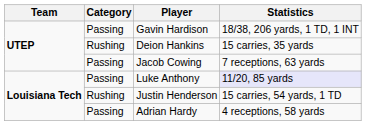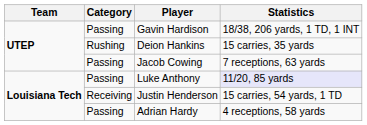 <table class="wikitable" style="float: left;">
 <tr>
 <th>Team</th>
 <th>Category</th>
 <th>Player</th>
 <th>Statistics</th>
 </tr>
 <tr>
 <td rowspan=3><strong>UTEP</strong></td>
 <td>Passing</td>
 <td>Gavin Hardison</td>
 <td>18/38, 206 yards, 1 TD, 1 INT</td>
 </tr>
 <tr>
 <td>Rushing</td>
 <td>Deion Hankins</td>
 <td>15 carries, 35 yards</td>
 </tr>
 <tr>
 <td>Passing</td>
 <td>Jacob Cowing</td>
 <td>7 receptions, 63 yards</td>
 </tr>
 <tr>
 <td rowspan=3><strong>Louisiana Tech</strong></td>
 <td>Passing</td>
 <td>Luke Anthony</td>
 <td style="background: lavender;">11/20, 85 yards</td>
 </tr>
 <tr>
-<td>Rushing</td>
+<td>Receiving</td>
 <td>Justin Henderson</td>
 <td>15 carries, 54 yards, 1 TD</td>
 </tr>
 <tr>
 <td>Passing</td>
 <td>Adrian Hardy</td>
 <td>4 receptions, 58 yards</td>
 </tr>
 </table>
